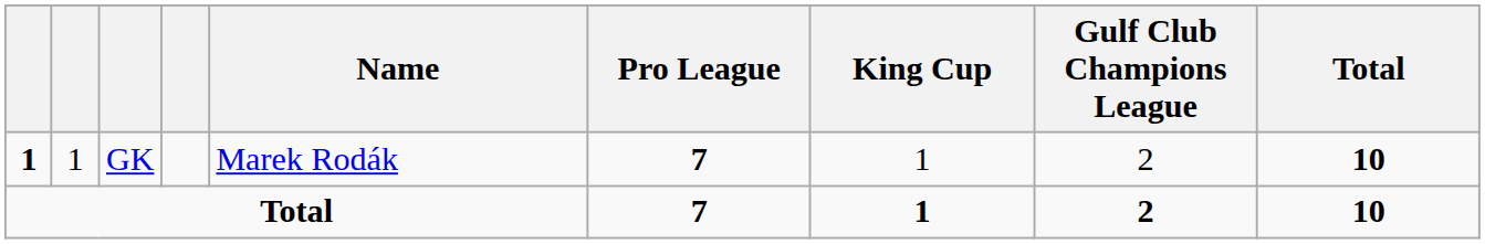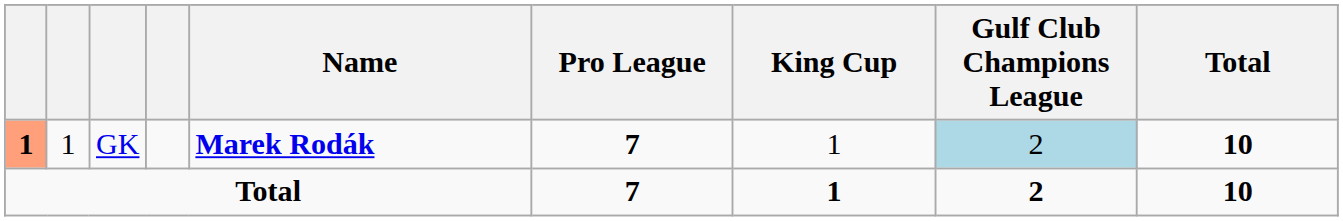 <table class="wikitable" style="text-align:center">
 <tr>
 <th width=15></th>
 <th width=15></th>
 <th width=15></th>
 <th width=15></th>
 <th width=175>Name</th>
 <th width=100>Pro League</th>
 <th width=100>King Cup</th>
 <th width=100>Gulf Club Champions League</th>
 <th width=100>Total</th>
 </tr>
 <tr>
-<td><strong>1</strong></td>
+<td style="background: lightsalmon;"><strong>1</strong></td>
 <td>1</td>
 <td><a href='#'>GK</a></td>
 <td></td>
-<td align=left><a href='#'>Marek Rodák</a></td>
+<td align=left><strong><a href='#'>Marek Rodák</a></strong></td>
 <td><strong>7</strong></td>
 <td>1</td>
-<td>2</td>
+<td style="background: lightblue;">2</td>
 <td><strong>10</strong></td>
 </tr>
 <tr>
 <td colspan=5><strong>Total</strong></td>
 <td><strong>7</strong></td>
 <td><strong>1</strong></td>
 <td><strong>2</strong></td>
 <td><strong>10</strong></td>
 </tr>
 </table>
